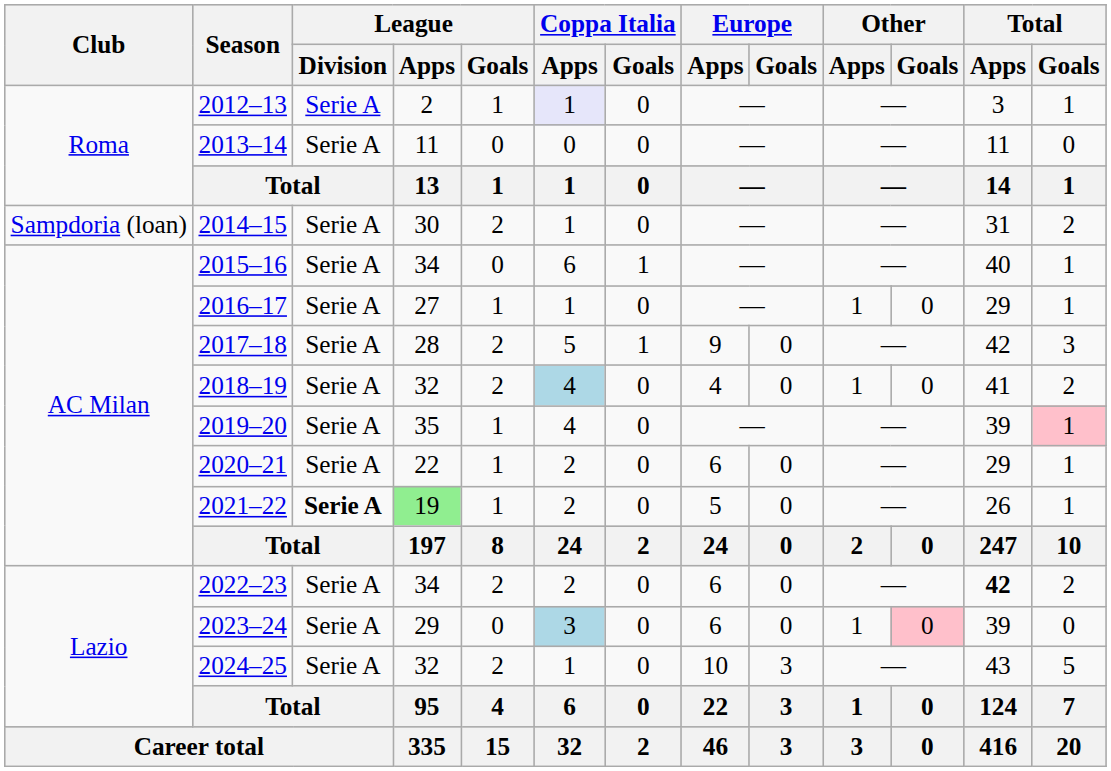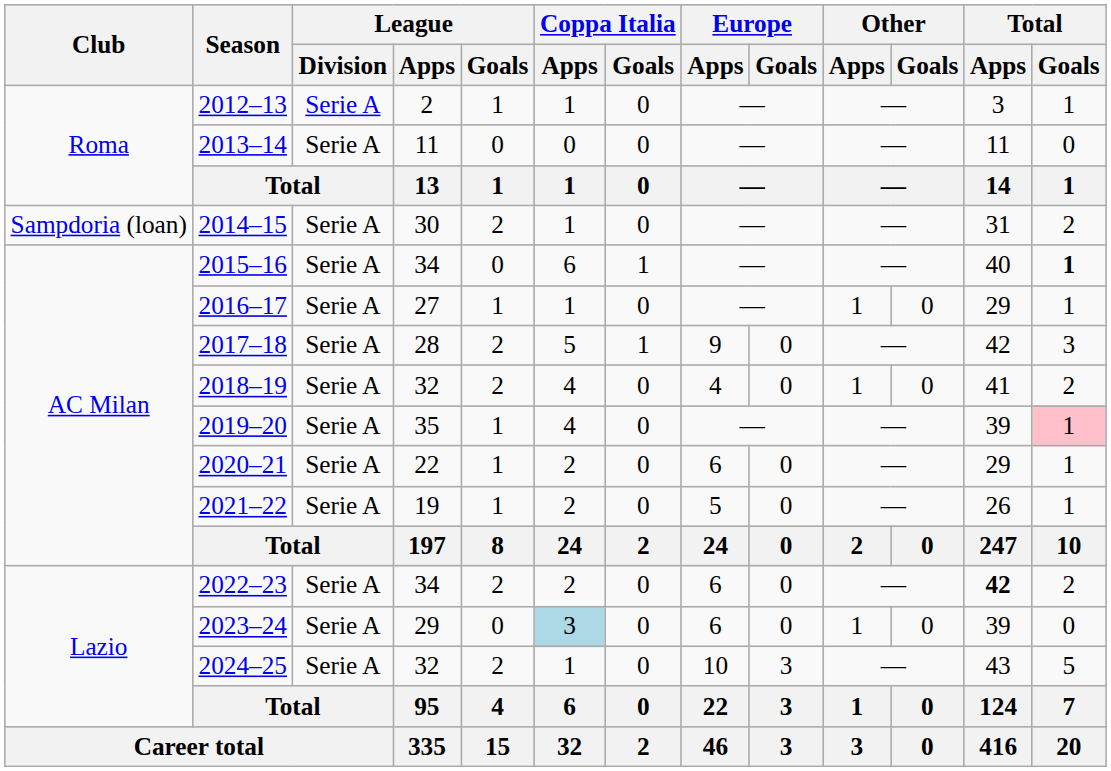 <table class="wikitable" style="text-align:center">
 <tr>
 <th rowspan="2">Club</th>
 <th rowspan="2">Season</th>
 <th colspan="3">League</th>
 <th colspan="2"><a href='#'>Coppa Italia</a></th>
 <th colspan="2"><a href='#'>Europe</a></th>
 <th colspan="2">Other</th>
 <th colspan="2">Total</th>
 </tr>
 <tr>
 <th>Division</th>
 <th>Apps</th>
 <th>Goals</th>
 <th>Apps</th>
 <th>Goals</th>
 <th>Apps</th>
 <th>Goals</th>
 <th>Apps</th>
 <th>Goals</th>
 <th>Apps</th>
 <th>Goals</th>
 </tr>
 <tr>
 <td rowspan="3"><a href='#'>Roma</a></td>
 <td><a href='#'>2012–13</a></td>
 <td><a href='#'>Serie A</a></td>
 <td>2</td>
 <td>1</td>
-<td style="background: lavender;">1</td>
+<td>1</td>
 <td>0</td>
 <td colspan="2">—</td>
 <td colspan="2">—</td>
 <td>3</td>
 <td>1</td>
 </tr>
 <tr>
 <td><a href='#'>2013–14</a></td>
 <td>Serie A</td>
 <td>11</td>
 <td>0</td>
 <td>0</td>
 <td>0</td>
 <td colspan="2">—</td>
 <td colspan="2">—</td>
 <td>11</td>
 <td>0</td>
 </tr>
 <tr>
 <th colspan="2">Total</th>
 <th>13</th>
 <th>1</th>
 <th>1</th>
 <th>0</th>
 <th colspan="2">—</th>
 <th colspan="2">—</th>
 <th>14</th>
 <th>1</th>
 </tr>
 <tr>
 <td><a href='#'>Sampdoria</a> (loan)</td>
 <td><a href='#'>2014–15</a></td>
 <td>Serie A</td>
 <td>30</td>
 <td>2</td>
 <td>1</td>
 <td>0</td>
 <td colspan="2">—</td>
 <td colspan="2">—</td>
 <td>31</td>
 <td>2</td>
 </tr>
 <tr>
 <td rowspan="8"><a href='#'>AC Milan</a></td>
 <td><a href='#'>2015–16</a></td>
 <td>Serie A</td>
 <td>34</td>
 <td>0</td>
 <td>6</td>
 <td>1</td>
 <td colspan="2">—</td>
 <td colspan="2">—</td>
 <td>40</td>
-<td>1</td>
+<td><strong>1</strong></td>
 </tr>
 <tr>
 <td><a href='#'>2016–17</a></td>
 <td>Serie A</td>
 <td>27</td>
 <td>1</td>
 <td>1</td>
 <td>0</td>
 <td colspan="2">—</td>
 <td>1</td>
 <td>0</td>
 <td>29</td>
 <td>1</td>
 </tr>
 <tr>
 <td><a href='#'>2017–18</a></td>
 <td>Serie A</td>
 <td>28</td>
 <td>2</td>
 <td>5</td>
 <td>1</td>
 <td>9</td>
 <td>0</td>
 <td colspan="2">—</td>
 <td>42</td>
 <td>3</td>
 </tr>
 <tr>
 <td><a href='#'>2018–19</a></td>
 <td>Serie A</td>
 <td>32</td>
 <td>2</td>
-<td style="background: lightblue;">4</td>
+<td>4</td>
 <td>0</td>
 <td>4</td>
 <td>0</td>
 <td>1</td>
 <td>0</td>
 <td>41</td>
 <td>2</td>
 </tr>
 <tr>
 <td><a href='#'>2019–20</a></td>
 <td>Serie A</td>
 <td>35</td>
 <td>1</td>
 <td>4</td>
 <td>0</td>
 <td colspan="2">—</td>
 <td colspan="2">—</td>
 <td>39</td>
 <td style="background: pink;">1</td>
 </tr>
 <tr>
 <td><a href='#'>2020–21</a></td>
 <td>Serie A</td>
 <td>22</td>
 <td>1</td>
 <td>2</td>
 <td>0</td>
 <td>6</td>
 <td>0</td>
 <td colspan="2">—</td>
 <td>29</td>
 <td>1</td>
 </tr>
 <tr>
 <td><a href='#'>2021–22</a></td>
-<td><strong>Serie A</strong></td>
-<td style="background: lightgreen;">19</td>
+<td>Serie A</td>
+<td>19</td>
 <td>1</td>
 <td>2</td>
 <td>0</td>
 <td>5</td>
 <td>0</td>
 <td colspan="2">—</td>
 <td>26</td>
 <td>1</td>
 </tr>
 <tr>
 <th colspan="2">Total</th>
 <th>197</th>
 <th>8</th>
 <th>24</th>
 <th>2</th>
 <th>24</th>
 <th>0</th>
 <th>2</th>
 <th>0</th>
 <th>247</th>
 <th>10</th>
 </tr>
 <tr>
 <td rowspan="4"><a href='#'>Lazio</a></td>
 <td><a href='#'>2022–23</a></td>
 <td>Serie A</td>
 <td>34</td>
 <td>2</td>
 <td>2</td>
 <td>0</td>
 <td>6</td>
 <td>0</td>
 <td colspan="2">—</td>
 <td><strong>42</strong></td>
 <td>2</td>
 </tr>
 <tr>
 <td><a href='#'>2023–24</a></td>
 <td>Serie A</td>
 <td>29</td>
 <td>0</td>
 <td style="background: lightblue;">3</td>
 <td>0</td>
 <td>6</td>
 <td>0</td>
 <td>1</td>
-<td style="background: pink;">0</td>
+<td>0</td>
 <td>39</td>
 <td>0</td>
 </tr>
 <tr>
 <td><a href='#'>2024–25</a></td>
 <td>Serie A</td>
 <td>32</td>
 <td>2</td>
 <td>1</td>
 <td>0</td>
 <td>10</td>
 <td>3</td>
 <td colspan="2">—</td>
 <td>43</td>
 <td>5</td>
 </tr>
 <tr>
 <th colspan="2">Total</th>
 <th>95</th>
 <th>4</th>
 <th>6</th>
 <th>0</th>
 <th>22</th>
 <th>3</th>
 <th>1</th>
 <th>0</th>
 <th>124</th>
 <th>7</th>
 </tr>
 <tr>
 <th colspan="3">Career total</th>
 <th>335</th>
 <th>15</th>
 <th>32</th>
 <th>2</th>
 <th>46</th>
 <th>3</th>
 <th>3</th>
 <th>0</th>
 <th>416</th>
 <th>20</th>
 </tr>
 </table>
